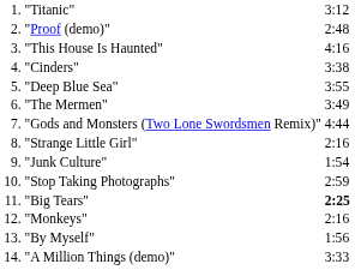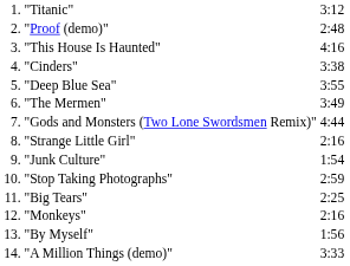 <table style="background: transparent; margin: auto auto auto 2em;">
 <tr>
 <td align="right">1.</td>
 <td>"Titanic"</td>
 <td>3:12</td>
 </tr>
 <tr>
 <td align="right">2.</td>
 <td>"<a href='#'>Proof</a> (demo)"</td>
 <td>2:48</td>
 </tr>
 <tr>
 <td align="right">3.</td>
 <td>"This House Is Haunted"</td>
 <td>4:16</td>
 </tr>
 <tr>
 <td align="right">4.</td>
 <td>"Cinders"</td>
 <td>3:38</td>
 </tr>
 <tr>
 <td align="right">5.</td>
 <td>"Deep Blue Sea"</td>
 <td>3:55</td>
 </tr>
 <tr>
 <td align="right">6.</td>
 <td>"The Mermen"</td>
 <td>3:49</td>
 </tr>
 <tr>
 <td align="right">7.</td>
 <td>"Gods and Monsters (<a href='#'>Two Lone Swordsmen</a> Remix)"</td>
 <td>4:44</td>
 </tr>
 <tr>
 <td align="right">8.</td>
 <td>"Strange Little Girl"</td>
 <td>2:16</td>
 </tr>
 <tr>
 <td align="right">9.</td>
 <td>"Junk Culture"</td>
 <td>1:54</td>
 </tr>
 <tr>
 <td align="right">10.</td>
 <td>"Stop Taking Photographs"</td>
 <td>2:59</td>
 </tr>
 <tr>
 <td align="right">11.</td>
 <td>"Big Tears"</td>
-<td><strong>2:25</strong></td>
+<td>2:25</td>
 </tr>
 <tr>
 <td align="right">12.</td>
 <td>"Monkeys"</td>
 <td>2:16</td>
 </tr>
 <tr>
 <td align="right">13.</td>
 <td>"By Myself"</td>
 <td>1:56</td>
 </tr>
 <tr>
 <td align="right">14.</td>
 <td>"A Million Things (demo)"</td>
 <td>3:33</td>
 </tr>
 <tr>
 </tr>
 </table>
